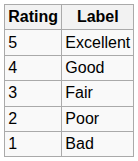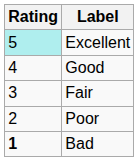 <table class="wikitable">
 <tr>
 <th>Rating</th>
 <th>Label</th>
 </tr>
 <tr>
-<td>5</td>
+<td style="background: paleturquoise;">5</td>
 <td>Excellent</td>
 </tr>
 <tr>
 <td>4</td>
 <td>Good</td>
 </tr>
 <tr>
 <td>3</td>
 <td>Fair</td>
 </tr>
 <tr>
 <td>2</td>
 <td>Poor</td>
 </tr>
 <tr>
-<td>1</td>
+<td><strong>1</strong></td>
 <td>Bad</td>
 </tr>
 </table>
